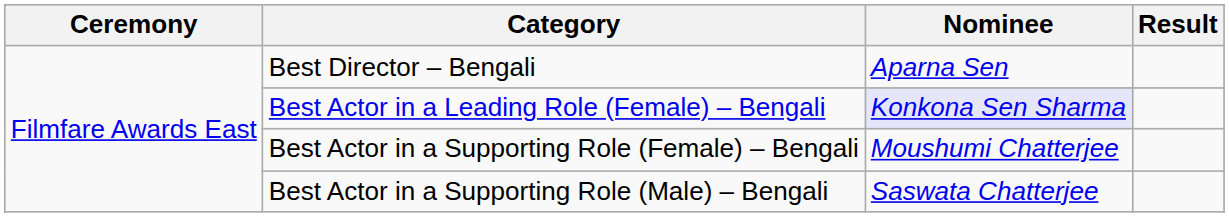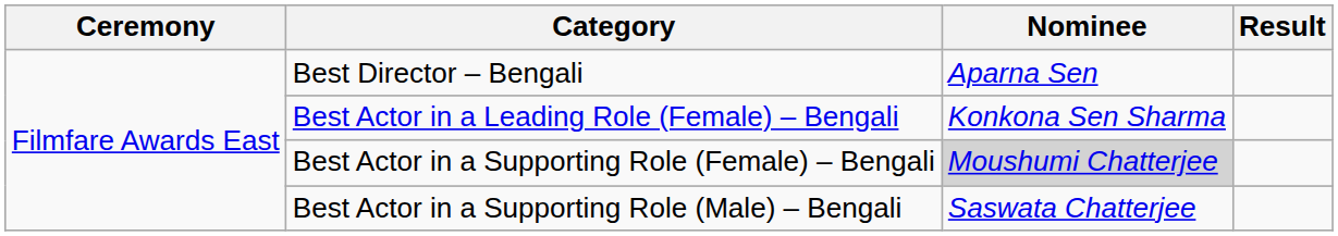 <table class="wikitable sortable">
 <tr>
 <th>Ceremony</th>
 <th>Category</th>
 <th>Nominee</th>
 <th>Result</th>
 </tr>
 <tr>
 <td rowspan="4"><a href='#'>Filmfare Awards East</a></td>
 <td>Best Director – Bengali</td>
 <td><em><a href='#'>Aparna Sen</a></em></td>
 <td></td>
 </tr>
 <tr>
 <td><a href='#'>Best Actor in a Leading Role (Female) – Bengali</a></td>
-<td style="background: lavender;"><em><a href='#'>Konkona Sen Sharma</a></em></td>
+<td><em><a href='#'>Konkona Sen Sharma</a></em></td>
 <td></td>
 </tr>
 <tr>
 <td>Best Actor in a Supporting Role (Female) – Bengali</td>
-<td><em><a href='#'>Moushumi Chatterjee</a></em></td>
+<td style="background: lightgrey;"><em><a href='#'>Moushumi Chatterjee</a></em></td>
 <td></td>
 </tr>
 <tr>
 <td>Best Actor in a Supporting Role (Male) – Bengali</td>
 <td><em><a href='#'>Saswata Chatterjee</a></em></td>
 <td></td>
 </tr>
 </table>
